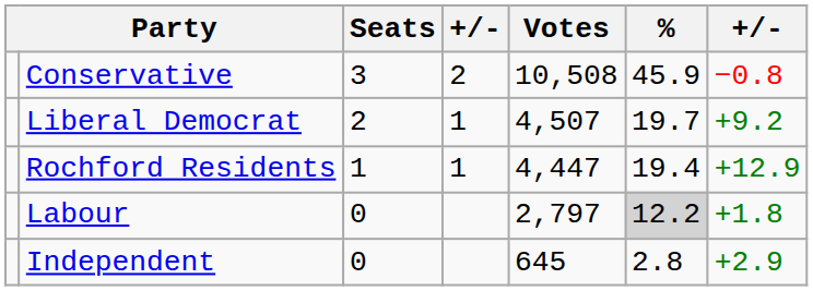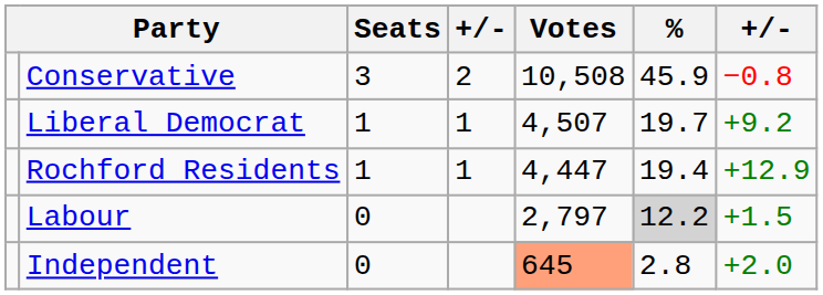 <table class="wikitable sortable">
 <tr>
 <th colspan="2">Party</th>
 <th>Seats</th>
 <th>+/-</th>
 <th>Votes</th>
 <th>%</th>
 <th>+/-</th>
 </tr>
 <tr>
 <td style="background-color: "></td>
 <td><a href='#'>Conservative</a></td>
 <td>3</td>
 <td> 2</td>
 <td>10,508</td>
 <td>45.9</td>
 <td style="color:red">−0.8</td>
 </tr>
 <tr>
 <td style="background-color: "></td>
 <td><a href='#'>Liberal Democrat</a></td>
-<td>2</td>
+<td>1</td>
 <td> 1</td>
 <td>4,507</td>
 <td>19.7</td>
 <td style="color:green">+9.2</td>
 </tr>
 <tr>
 <td style="background-color: "></td>
 <td><a href='#'>Rochford Residents</a></td>
 <td>1</td>
 <td> 1</td>
 <td>4,447</td>
 <td>19.4</td>
 <td style="color:green">+12.9</td>
 </tr>
 <tr>
 <td style="background-color: "></td>
 <td><a href='#'>Labour</a></td>
 <td>0</td>
 <td></td>
 <td>2,797</td>
 <td style="background: lightgrey;">12.2</td>
-<td style="color:green">+1.8</td>
+<td style="color:green">+1.5</td>
 </tr>
 <tr>
 <td style="background-color: "></td>
 <td><a href='#'>Independent</a></td>
 <td>0</td>
 <td></td>
-<td>645</td>
+<td style="background: lightsalmon;">645</td>
 <td>2.8</td>
-<td style="color:green">+2.9</td>
+<td style="color:green">+2.0</td>
 </tr>
 </table>
